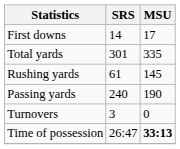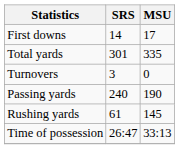 <table class="wikitable" style="float: left;">
 <tr>
 <th>Statistics</th>
 <th>SRS</th>
 <th>MSU</th>
 </tr>
 <tr>
 <td>First downs</td>
 <td>14</td>
 <td>17</td>
 </tr>
 <tr>
 <td>Total yards</td>
 <td>301</td>
 <td>335</td>
 </tr>
 <tr>
-<td>Rushing yards</td>
-<td>61</td>
-<td>145</td>
+<td>Turnovers</td>
+<td>3</td>
+<td>0</td>
 </tr>
 <tr>
 <td>Passing yards</td>
 <td>240</td>
 <td>190</td>
 </tr>
 <tr>
-<td>Turnovers</td>
-<td>3</td>
-<td>0</td>
+<td>Rushing yards</td>
+<td>61</td>
+<td>145</td>
 </tr>
 <tr>
 <td>Time of possession</td>
 <td>26:47</td>
-<td><strong>33:13</strong></td>
+<td>33:13</td>
 </tr>
 <tr>
 </tr>
 </table>
